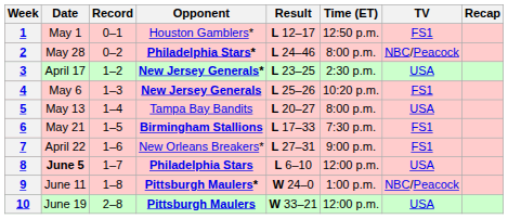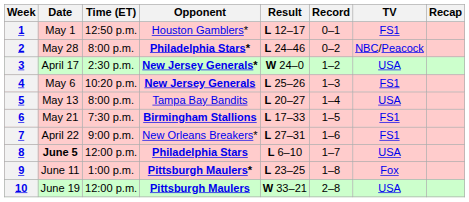 <table class="wikitable" style="text-align:center">
 <tr>
 <th>Week</th>
 <th>Date</th>
-<th>Record</th>
+<th>Time (ET)</th>
 <th>Opponent</th>
 <th>Result</th>
-<th>Time (ET)</th>
+<th>Record</th>
 <th>TV</th>
 <th>Recap</th>
 </tr>
 <tr style="background:#ffcccc">
 <th><a href='#'>1</a></th>
 <td>May 1</td>
-<td>0–1</td>
+<td>12:50 p.m.</td>
 <td><a href='#'>Houston Gamblers</a>*</td>
 <td><strong>L</strong> 12–17</td>
-<td>12:50 p.m.</td>
+<td>0–1</td>
 <td><a href='#'>FS1</a></td>
 <td></td>
 </tr>
 <tr style="background:#ffcccc">
 <th><a href='#'>2</a></th>
 <td>May 28</td>
-<td>0–2</td>
+<td>8:00 p.m.</td>
 <td><strong><a href='#'>Philadelphia Stars</a>*</strong></td>
 <td><strong>L</strong> 24–46</td>
-<td>8:00 p.m.</td>
+<td>0–2</td>
 <td><a href='#'>NBC</a>/<a href='#'>Peacock</a></td>
 <td></td>
 </tr>
 <tr style="background:#ccffcc">
 <th><a href='#'>3</a></th>
 <td>April 17</td>
+<td>2:30 p.m.</td>
+<td><strong><a href='#'>New Jersey Generals</a>*</strong></td>
+<td><strong>W</strong> 24–0</td>
 <td>1–2</td>
-<td><strong><a href='#'>New Jersey Generals</a>*</strong></td>
-<td><strong>L</strong> 23–25</td>
-<td>2:30 p.m.</td>
 <td><a href='#'>USA</a></td>
 <td></td>
 </tr>
 <tr style="background:#ffcccc">
 <th><a href='#'>4</a></th>
 <td>May 6</td>
-<td>1–3</td>
+<td>10:20 p.m.</td>
 <td><strong><a href='#'>New Jersey Generals</a></strong></td>
 <td><strong>L</strong> 25–26</td>
-<td>10:20 p.m.</td>
+<td>1–3</td>
 <td><a href='#'>FS1</a></td>
 <td></td>
 </tr>
 <tr style="background:#ffcccc">
 <th><a href='#'>5</a></th>
 <td>May 13</td>
-<td>1–4</td>
+<td>8:00 p.m.</td>
 <td><a href='#'>Tampa Bay Bandits</a></td>
 <td><strong>L</strong> 20–27</td>
-<td>8:00 p.m.</td>
+<td>1–4</td>
 <td><a href='#'>USA</a></td>
 <td></td>
 </tr>
 <tr style="background:#ffcccc">
 <th><a href='#'>6</a></th>
 <td>May 21</td>
-<td>1–5</td>
+<td>7:30 p.m.</td>
 <td><strong><a href='#'>Birmingham Stallions</a></strong></td>
 <td><strong>L</strong> 17–33</td>
-<td>7:30 p.m.</td>
+<td>1–5</td>
 <td><a href='#'>FS1</a></td>
 <td></td>
 </tr>
 <tr style="background:#ffcccc">
 <th><a href='#'>7</a></th>
 <td>April 22</td>
-<td>1–6</td>
+<td>9:00 p.m.</td>
 <td><a href='#'>New Orleans Breakers</a>*</td>
 <td><strong>L</strong> 27–31 </td>
-<td>9:00 p.m.</td>
+<td>1–6</td>
 <td><a href='#'>FS1</a></td>
 <td></td>
 </tr>
 <tr style="background:#ffcccc">
 <th><a href='#'>8</a></th>
 <td><strong>June 5</strong></td>
-<td>1–7</td>
+<td>12:00 p.m.</td>
 <td><strong><a href='#'>Philadelphia Stars</a></strong></td>
 <td><strong>L</strong> 6–10</td>
-<td>12:00 p.m.</td>
+<td>1–7</td>
 <td><a href='#'>USA</a></td>
 <td></td>
 </tr>
 <tr style="background:#ffcccc">
 <th><a href='#'>9</a></th>
 <td>June 11</td>
+<td>1:00 p.m.</td>
+<td><strong><a href='#'>Pittsburgh Maulers</a>*</strong></td>
+<td><strong>L</strong> 23–25</td>
 <td>1–8</td>
-<td><strong><a href='#'>Pittsburgh Maulers</a>*</strong></td>
-<td><strong>W</strong> 24–0</td>
-<td>1:00 p.m.</td>
-<td><a href='#'>NBC</a>/<a href='#'>Peacock</a></td>
+<td><a href='#'>Fox</a></td>
 <td></td>
 </tr>
 <tr style="background:#ccffcc">
 <th><a href='#'>10</a></th>
 <td>June 19</td>
-<td>2–8</td>
+<td>12:00 p.m.</td>
 <td><strong><a href='#'>Pittsburgh Maulers</a></strong></td>
 <td><strong>W</strong> 33–21</td>
-<td>12:00 p.m.</td>
+<td>2–8</td>
 <td><a href='#'>USA</a></td>
 <td></td>
 </tr>
 </table>
